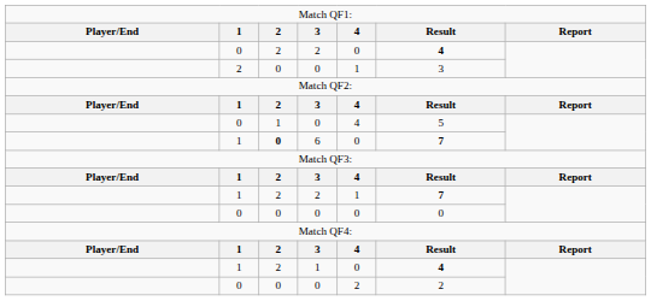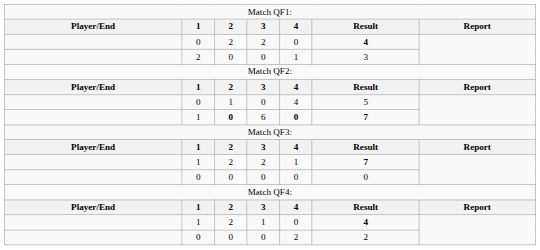 <table class="wikitable" style=font-size:85%;text-align:center;width:40%>
 <tr>
 <td colspan="7">Match QF1:</td>
 </tr>
 <tr>
 <th>Player/End</th>
 <th>1</th>
 <th>2</th>
 <th>3</th>
 <th>4</th>
 <th>Result</th>
 <th>Report</th>
 </tr>
 <tr>
 <td align=left><strong></strong></td>
 <td>0</td>
 <td>2</td>
 <td>2</td>
 <td>0</td>
 <td><strong>4</strong></td>
 <td rowspan="2"></td>
 </tr>
 <tr>
 <td align=left></td>
 <td>2</td>
 <td>0</td>
 <td>0</td>
 <td>1</td>
 <td>3</td>
 </tr>
 <tr>
 <td colspan="7">Match QF2:</td>
 </tr>
 <tr>
 <th>Player/End</th>
 <th>1</th>
 <th>2</th>
 <th>3</th>
 <th>4</th>
 <th>Result</th>
 <th>Report</th>
 </tr>
 <tr>
 <td align=left></td>
 <td>0</td>
 <td>1</td>
 <td>0</td>
 <td>4</td>
 <td>5</td>
 <td rowspan="2"></td>
 </tr>
 <tr>
 <td align=left><strong></strong></td>
 <td>1</td>
 <td><strong>0</strong></td>
 <td>6</td>
-<td>0</td>
+<td><strong>0</strong></td>
 <td><strong>7</strong></td>
 </tr>
 <tr>
 <td colspan="7">Match QF3:</td>
 </tr>
 <tr>
 <th>Player/End</th>
 <th>1</th>
 <th>2</th>
 <th>3</th>
 <th>4</th>
 <th>Result</th>
 <th>Report</th>
 </tr>
 <tr>
 <td align=left><strong></strong></td>
 <td>1</td>
 <td>2</td>
 <td>2</td>
 <td>1</td>
 <td><strong>7</strong></td>
 <td rowspan="2"></td>
 </tr>
 <tr>
 <td align=left></td>
 <td>0</td>
 <td>0</td>
 <td>0</td>
 <td>0</td>
 <td>0</td>
 </tr>
 <tr>
 <td colspan="7">Match QF4:</td>
 </tr>
 <tr>
 <th>Player/End</th>
 <th>1</th>
 <th>2</th>
 <th>3</th>
 <th>4</th>
 <th>Result</th>
 <th>Report</th>
 </tr>
 <tr>
 <td align=left><strong></strong></td>
 <td>1</td>
 <td>2</td>
 <td>1</td>
 <td>0</td>
 <td><strong>4</strong></td>
 <td rowspan="2"></td>
 </tr>
 <tr>
 <td align=left></td>
 <td>0</td>
 <td>0</td>
 <td>0</td>
 <td>2</td>
 <td>2</td>
 </tr>
 </table>
